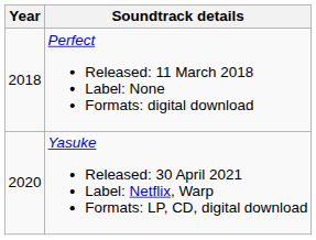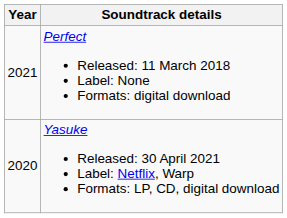 <table class="wikitable" style="text-align:center;">
 <tr>
 <th>Year</th>
 <th>Soundtrack details</th>
 </tr>
 <tr>
-<td>2018</td>
+<td>2021</td>
 <td align="left"><em><a href='#'>Perfect</a></em><br><ul><li>Released: 11 March 2018</li><li>Label: None</li><li>Formats: digital download</li></ul></td>
 </tr>
 <tr>
 <td>2020</td>
 <td align="left"><em><a href='#'>Yasuke</a></em><br><ul><li>Released: 30 April 2021</li><li>Label: <a href='#'>Netflix</a>, Warp</li><li>Formats: LP, CD, digital download</li></ul></td>
 </tr>
 </table>
